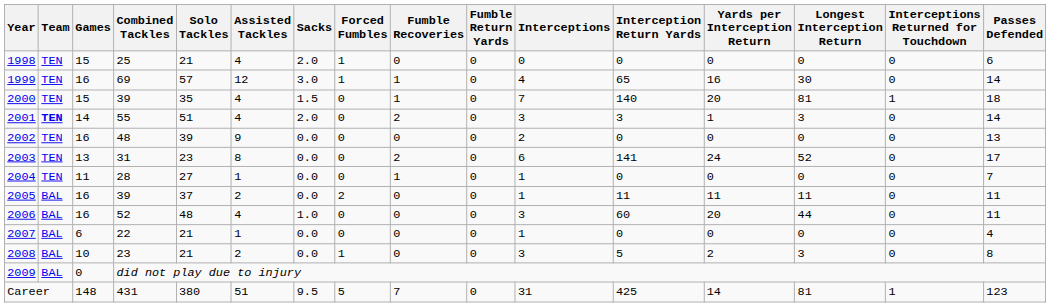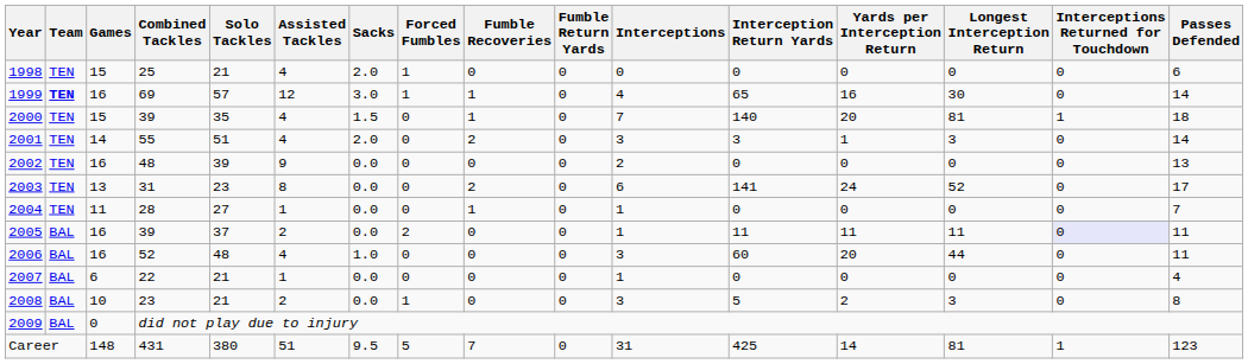 <table class="wikitable">
 <tr>
 <th>Year</th>
 <th>Team</th>
 <th>Games</th>
 <th>Combined<br>Tackles</th>
 <th>Solo<br>Tackles</th>
 <th>Assisted<br>Tackles</th>
 <th>Sacks</th>
 <th>Forced Fumbles</th>
 <th>Fumble Recoveries</th>
 <th>Fumble Return Yards</th>
 <th>Interceptions</th>
 <th>Interception Return Yards</th>
 <th>Yards per Interception Return</th>
 <th>Longest Interception Return</th>
 <th>Interceptions Returned for Touchdown</th>
 <th>Passes Defended</th>
 </tr>
 <tr>
 <td><a href='#'>1998</a></td>
 <td><a href='#'>TEN</a></td>
 <td>15</td>
 <td>25</td>
 <td>21</td>
 <td>4</td>
 <td>2.0</td>
 <td>1</td>
 <td>0</td>
 <td>0</td>
 <td>0</td>
 <td>0</td>
 <td>0</td>
 <td>0</td>
 <td>0</td>
 <td>6</td>
 </tr>
 <tr>
 <td><a href='#'>1999</a></td>
-<td><a href='#'>TEN</a></td>
+<td><strong><a href='#'>TEN</a></strong></td>
 <td>16</td>
 <td>69</td>
 <td>57</td>
 <td>12</td>
 <td>3.0</td>
 <td>1</td>
 <td>1</td>
 <td>0</td>
 <td>4</td>
 <td>65</td>
 <td>16</td>
 <td>30</td>
 <td>0</td>
 <td>14</td>
 </tr>
 <tr>
 <td><a href='#'>2000</a></td>
 <td><a href='#'>TEN</a></td>
 <td>15</td>
 <td>39</td>
 <td>35</td>
 <td>4</td>
 <td>1.5</td>
 <td>0</td>
 <td>1</td>
 <td>0</td>
 <td>7</td>
 <td>140</td>
 <td>20</td>
 <td>81</td>
 <td>1</td>
 <td>18</td>
 </tr>
 <tr>
 <td><a href='#'>2001</a></td>
-<td><strong><a href='#'>TEN</a></strong></td>
+<td><a href='#'>TEN</a></td>
 <td>14</td>
 <td>55</td>
 <td>51</td>
 <td>4</td>
 <td>2.0</td>
 <td>0</td>
 <td>2</td>
 <td>0</td>
 <td>3</td>
 <td>3</td>
 <td>1</td>
 <td>3</td>
 <td>0</td>
 <td>14</td>
 </tr>
 <tr>
 <td><a href='#'>2002</a></td>
 <td><a href='#'>TEN</a></td>
 <td>16</td>
 <td>48</td>
 <td>39</td>
 <td>9</td>
 <td>0.0</td>
 <td>0</td>
 <td>0</td>
 <td>0</td>
 <td>2</td>
 <td>0</td>
 <td>0</td>
 <td>0</td>
 <td>0</td>
 <td>13</td>
 </tr>
 <tr>
 <td><a href='#'>2003</a></td>
 <td><a href='#'>TEN</a></td>
 <td>13</td>
 <td>31</td>
 <td>23</td>
 <td>8</td>
 <td>0.0</td>
 <td>0</td>
 <td>2</td>
 <td>0</td>
 <td>6</td>
 <td>141</td>
 <td>24</td>
 <td>52</td>
 <td>0</td>
 <td>17</td>
 </tr>
 <tr>
 <td><a href='#'>2004</a></td>
 <td><a href='#'>TEN</a></td>
 <td>11</td>
 <td>28</td>
 <td>27</td>
 <td>1</td>
 <td>0.0</td>
 <td>0</td>
 <td>1</td>
 <td>0</td>
 <td>1</td>
 <td>0</td>
 <td>0</td>
 <td>0</td>
 <td>0</td>
 <td>7</td>
 </tr>
 <tr>
 <td><a href='#'>2005</a></td>
 <td><a href='#'>BAL</a></td>
 <td>16</td>
 <td>39</td>
 <td>37</td>
 <td>2</td>
 <td>0.0</td>
 <td>2</td>
 <td>0</td>
 <td>0</td>
 <td>1</td>
 <td>11</td>
 <td>11</td>
 <td>11</td>
-<td>0</td>
+<td style="background: lavender;">0</td>
 <td>11</td>
 </tr>
 <tr>
 <td><a href='#'>2006</a></td>
 <td><a href='#'>BAL</a></td>
 <td>16</td>
 <td>52</td>
 <td>48</td>
 <td>4</td>
 <td>1.0</td>
 <td>0</td>
 <td>0</td>
 <td>0</td>
 <td>3</td>
 <td>60</td>
 <td>20</td>
 <td>44</td>
 <td>0</td>
 <td>11</td>
 </tr>
 <tr>
 <td><a href='#'>2007</a></td>
 <td><a href='#'>BAL</a></td>
 <td>6</td>
 <td>22</td>
 <td>21</td>
 <td>1</td>
 <td>0.0</td>
 <td>0</td>
 <td>0</td>
 <td>0</td>
 <td>1</td>
 <td>0</td>
 <td>0</td>
 <td>0</td>
 <td>0</td>
 <td>4</td>
 </tr>
 <tr>
 <td><a href='#'>2008</a></td>
 <td><a href='#'>BAL</a></td>
 <td>10</td>
 <td>23</td>
 <td>21</td>
 <td>2</td>
 <td>0.0</td>
 <td>1</td>
 <td>0</td>
 <td>0</td>
 <td>3</td>
 <td>5</td>
 <td>2</td>
 <td>3</td>
 <td>0</td>
 <td>8</td>
 </tr>
 <tr>
 <td><a href='#'>2009</a></td>
 <td><a href='#'>BAL</a></td>
 <td>0</td>
 <td colspan="13"><em>did not play due to injury</em></td>
 </tr>
 <tr>
 <td colspan="2">Career</td>
 <td>148</td>
 <td>431</td>
 <td>380</td>
 <td>51</td>
 <td>9.5</td>
 <td>5</td>
 <td>7</td>
 <td>0</td>
 <td>31</td>
 <td>425</td>
 <td>14</td>
 <td>81</td>
 <td>1</td>
 <td>123</td>
 </tr>
 </table>
